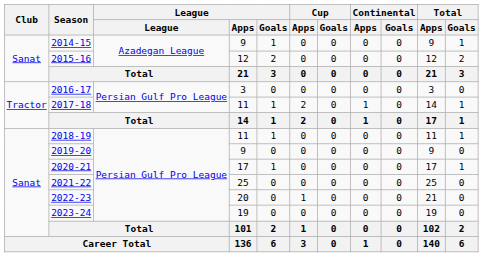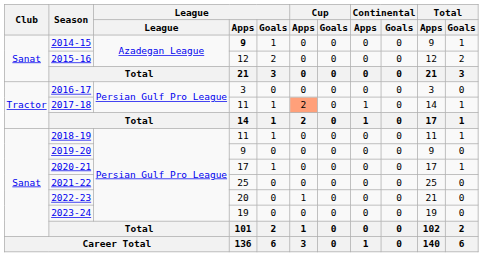 <table class="wikitable"style="text-align:center;">
 <tr>
 <th rowspan=2>Club</th>
 <th rowspan=2>Season</th>
 <th colspan=3>League</th>
 <th colspan=2>Cup</th>
 <th colspan=2>Continental</th>
 <th colspan=2>Total</th>
 </tr>
 <tr>
 <th>League</th>
 <th>Apps</th>
 <th>Goals</th>
 <th>Apps</th>
 <th>Goals</th>
 <th>Apps</th>
 <th>Goals</th>
 <th>Apps</th>
 <th>Goals</th>
 </tr>
 <tr>
 <td rowspan="3"><a href='#'>Sanat</a></td>
 <td><a href='#'>2014-15</a></td>
 <td rowspan="2"><a href='#'>Azadegan League</a></td>
-<td>9</td>
+<td><strong>9</strong></td>
 <td>1</td>
 <td>0</td>
 <td>0</td>
 <td>0</td>
 <td>0</td>
 <td>9</td>
 <td>1</td>
 </tr>
 <tr>
 <td><a href='#'>2015-16</a></td>
 <td>12</td>
 <td>2</td>
 <td>0</td>
 <td>0</td>
 <td>0</td>
 <td>0</td>
 <td>12</td>
 <td>2</td>
 </tr>
 <tr>
 <th colspan=2>Total</th>
 <th>21</th>
 <th>3</th>
 <th>0</th>
 <th>0</th>
 <th>0</th>
 <th>0</th>
 <th>21</th>
 <th>3</th>
 </tr>
 <tr>
 <td rowspan="3"><a href='#'>Tractor</a></td>
 <td><a href='#'>2016-17</a></td>
 <td rowspan="2"><a href='#'>Persian Gulf Pro League</a></td>
 <td>3</td>
 <td>0</td>
 <td>0</td>
 <td>0</td>
 <td>0</td>
 <td>0</td>
 <td>3</td>
 <td>0</td>
 </tr>
 <tr>
 <td><a href='#'>2017-18</a></td>
 <td>11</td>
 <td>1</td>
-<td>2</td>
+<td style="background: lightsalmon;">2</td>
 <td>0</td>
 <td>1</td>
 <td>0</td>
 <td>14</td>
 <td>1</td>
 </tr>
 <tr>
 <th colspan=2>Total</th>
 <th>14</th>
 <th>1</th>
 <th>2</th>
 <th>0</th>
 <th>1</th>
 <th>0</th>
 <th>17</th>
 <th>1</th>
 </tr>
 <tr>
 <td rowspan="7"><a href='#'>Sanat</a></td>
 <td><a href='#'>2018-19</a></td>
 <td rowspan="6"><a href='#'>Persian Gulf Pro League</a></td>
 <td>11</td>
 <td>1</td>
 <td>0</td>
 <td>0</td>
 <td>0</td>
 <td>0</td>
 <td>11</td>
 <td>1</td>
 </tr>
 <tr>
 <td><a href='#'>2019-20</a></td>
 <td>9</td>
 <td>0</td>
 <td>0</td>
 <td>0</td>
 <td>0</td>
 <td>0</td>
 <td>9</td>
 <td>0</td>
 </tr>
 <tr>
 <td><a href='#'>2020-21</a></td>
 <td>17</td>
 <td>1</td>
 <td>0</td>
 <td>0</td>
 <td>0</td>
 <td>0</td>
 <td>17</td>
 <td>1</td>
 </tr>
 <tr>
 <td><a href='#'>2021-22</a></td>
 <td>25</td>
 <td>0</td>
 <td>0</td>
 <td>0</td>
 <td>0</td>
 <td>0</td>
 <td>25</td>
 <td>0</td>
 </tr>
 <tr>
 <td><a href='#'>2022-23</a></td>
 <td>20</td>
 <td>0</td>
 <td>1</td>
 <td>0</td>
 <td>0</td>
 <td>0</td>
 <td>21</td>
 <td>0</td>
 </tr>
 <tr>
 <td><a href='#'>2023-24</a></td>
 <td>19</td>
 <td>0</td>
 <td>0</td>
 <td>0</td>
 <td>0</td>
 <td>0</td>
 <td>19</td>
 <td>0</td>
 </tr>
 <tr>
 <th colspan=2>Total</th>
 <th>101</th>
 <th>2</th>
 <th>1</th>
 <th>0</th>
 <th>0</th>
 <th>0</th>
 <th>102</th>
 <th>2</th>
 </tr>
 <tr>
 <th colspan=3>Career Total</th>
 <th>136</th>
 <th>6</th>
 <th>3</th>
 <th>0</th>
 <th>1</th>
 <th>0</th>
 <th>140</th>
 <th>6</th>
 </tr>
 </table>
